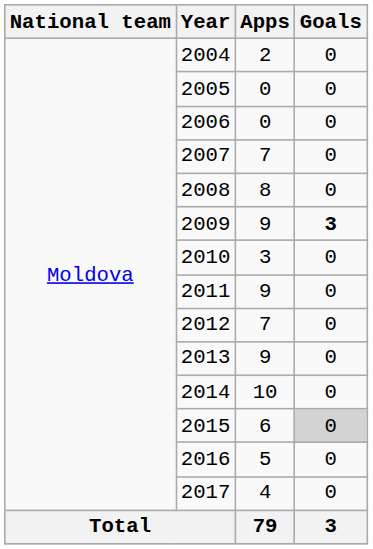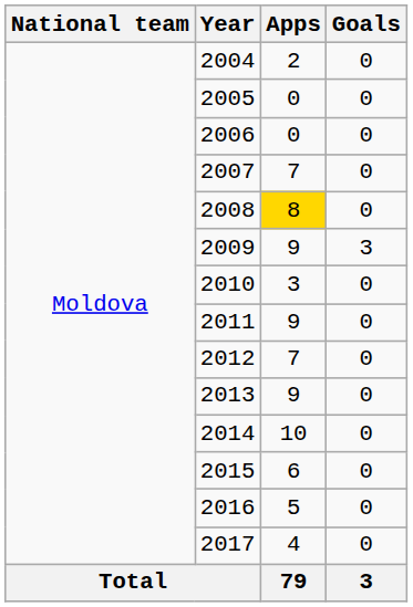 <table class="wikitable" style="text-align:center">
 <tr>
 <th>National team</th>
 <th>Year</th>
 <th>Apps</th>
 <th>Goals</th>
 </tr>
 <tr>
 <td rowspan=14><a href='#'>Moldova</a></td>
 <td>2004</td>
 <td>2</td>
 <td>0</td>
 </tr>
 <tr>
 <td>2005</td>
 <td>0</td>
 <td>0</td>
 </tr>
 <tr>
 <td>2006</td>
 <td>0</td>
 <td>0</td>
 </tr>
 <tr>
 <td>2007</td>
 <td>7</td>
 <td>0</td>
 </tr>
 <tr>
 <td>2008</td>
-<td>8</td>
+<td style="background: gold;">8</td>
 <td>0</td>
 </tr>
 <tr>
 <td>2009</td>
 <td>9</td>
-<td><strong>3</strong></td>
+<td>3</td>
 </tr>
 <tr>
 <td>2010</td>
 <td>3</td>
 <td>0</td>
 </tr>
 <tr>
 <td>2011</td>
 <td>9</td>
 <td>0</td>
 </tr>
 <tr>
 <td>2012</td>
 <td>7</td>
 <td>0</td>
 </tr>
 <tr>
 <td>2013</td>
 <td>9</td>
 <td>0</td>
 </tr>
 <tr>
 <td>2014</td>
 <td>10</td>
 <td>0</td>
 </tr>
 <tr>
 <td>2015</td>
 <td>6</td>
-<td style="background: lightgrey;">0</td>
+<td>0</td>
 </tr>
 <tr>
 <td>2016</td>
 <td>5</td>
 <td>0</td>
 </tr>
 <tr>
 <td>2017</td>
 <td>4</td>
 <td>0</td>
 </tr>
 <tr>
 <th colspan=2>Total</th>
 <th>79</th>
 <th>3</th>
 </tr>
 </table>
